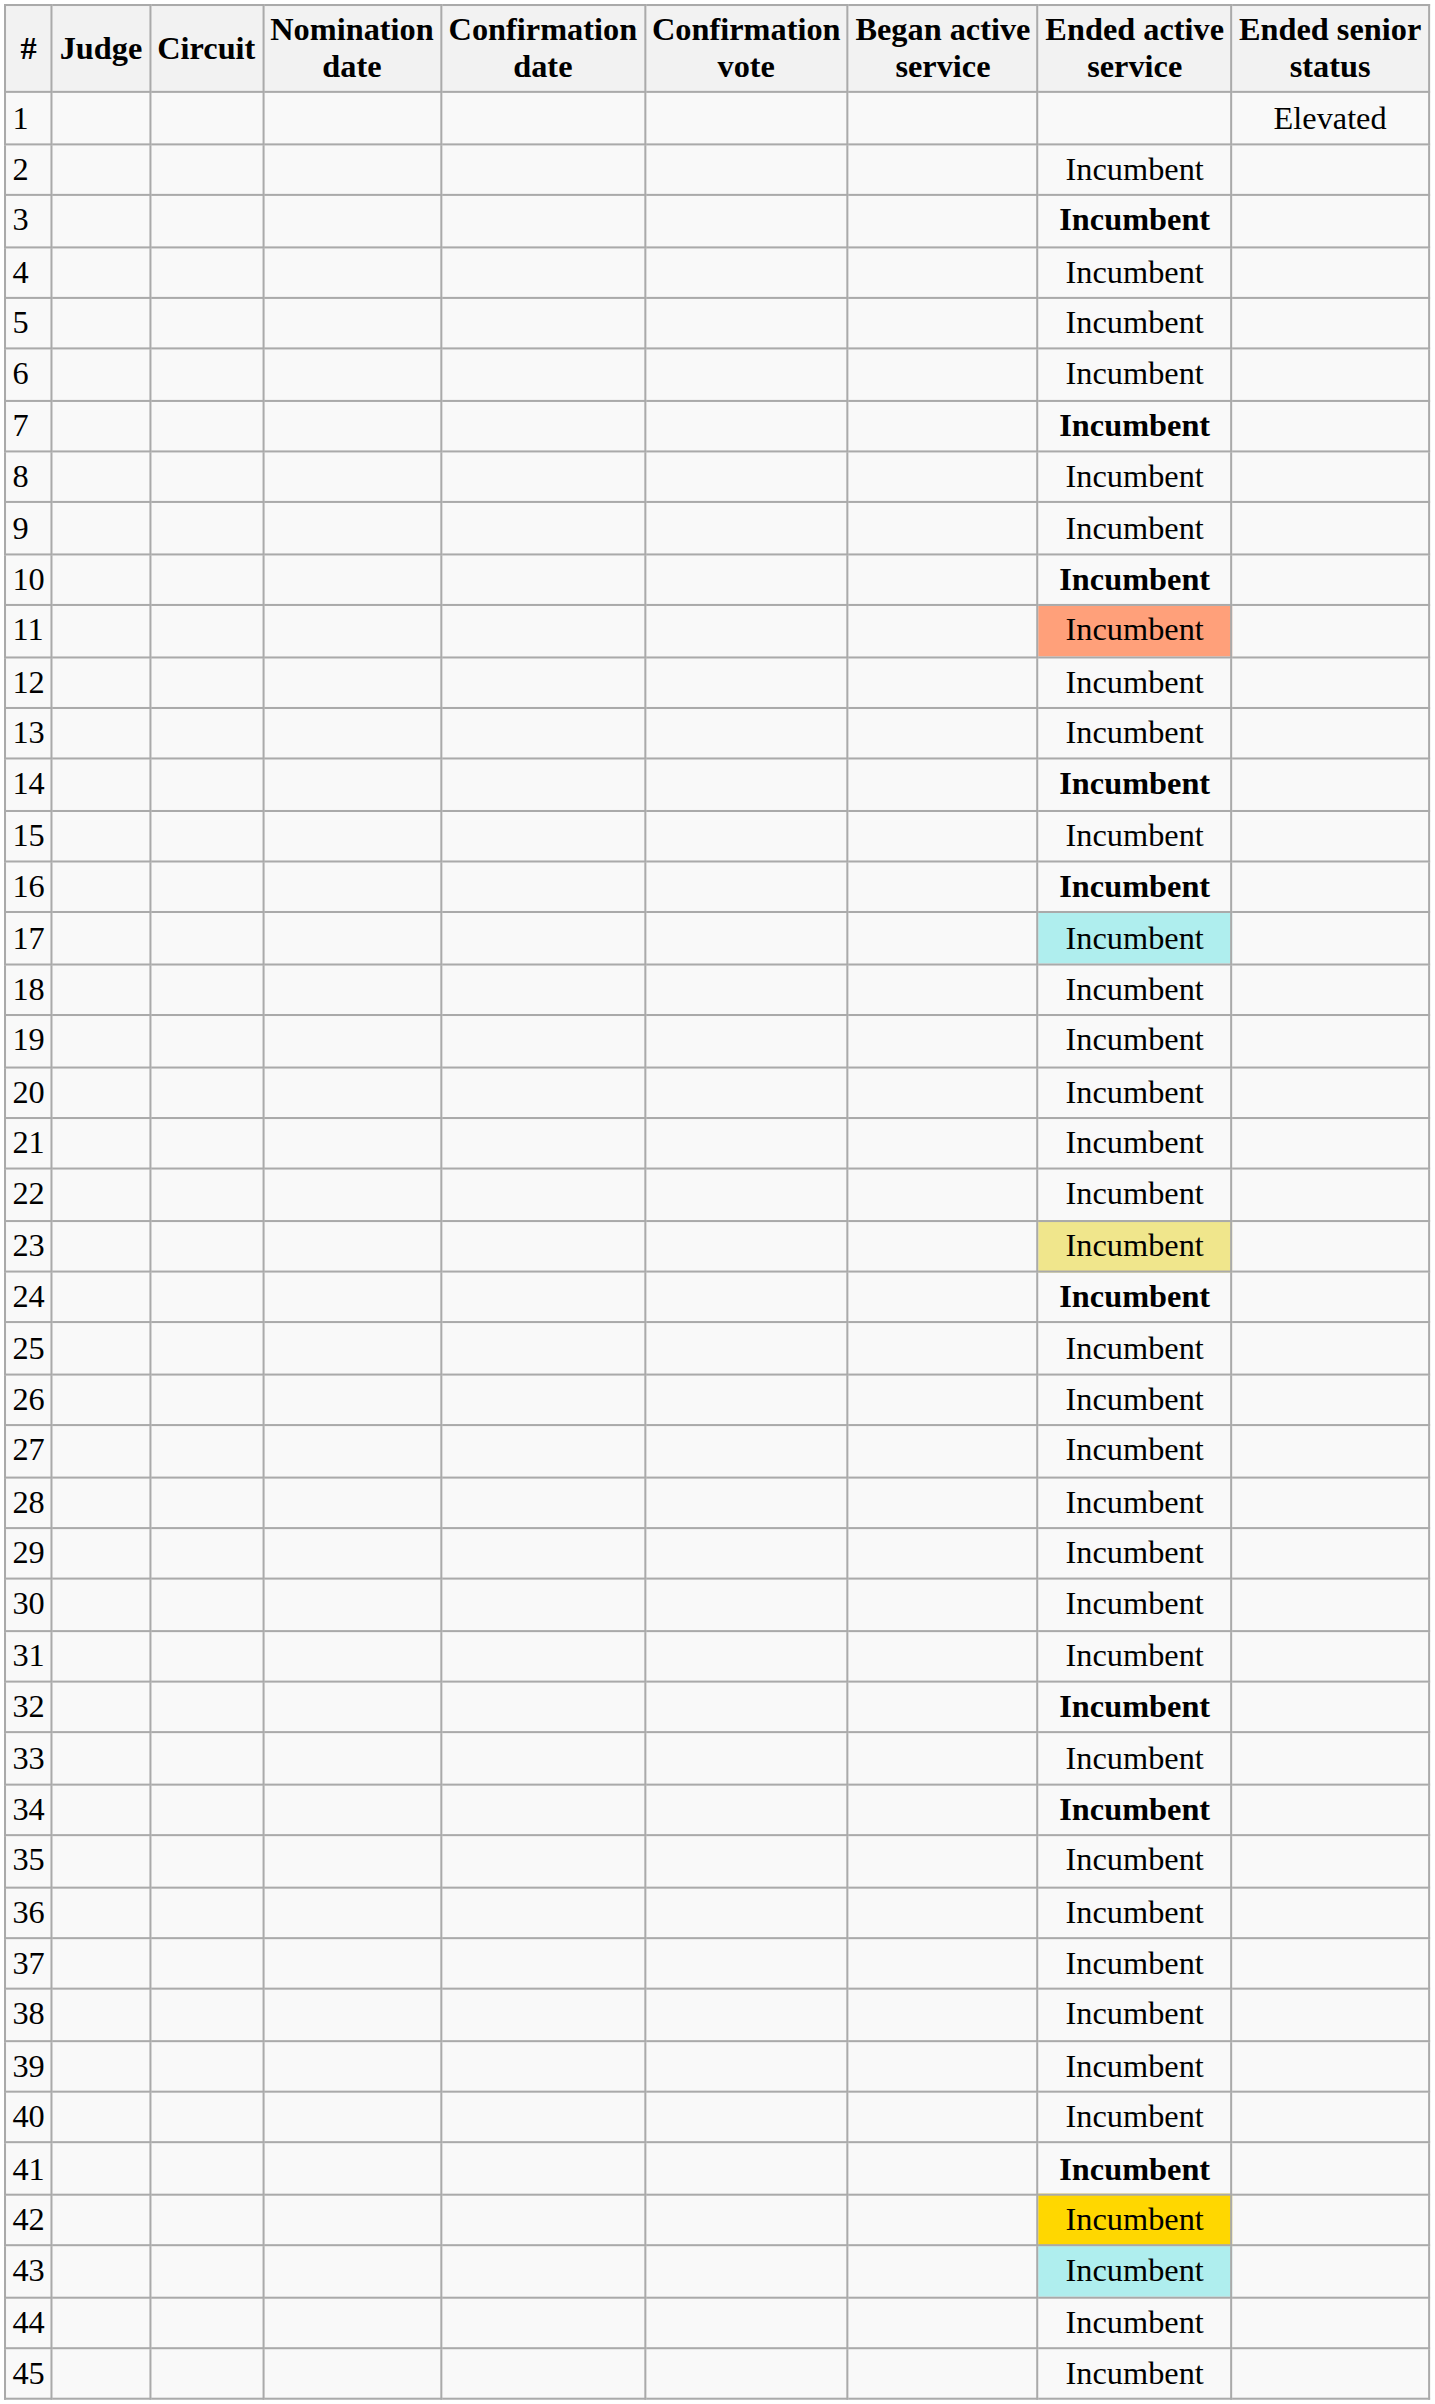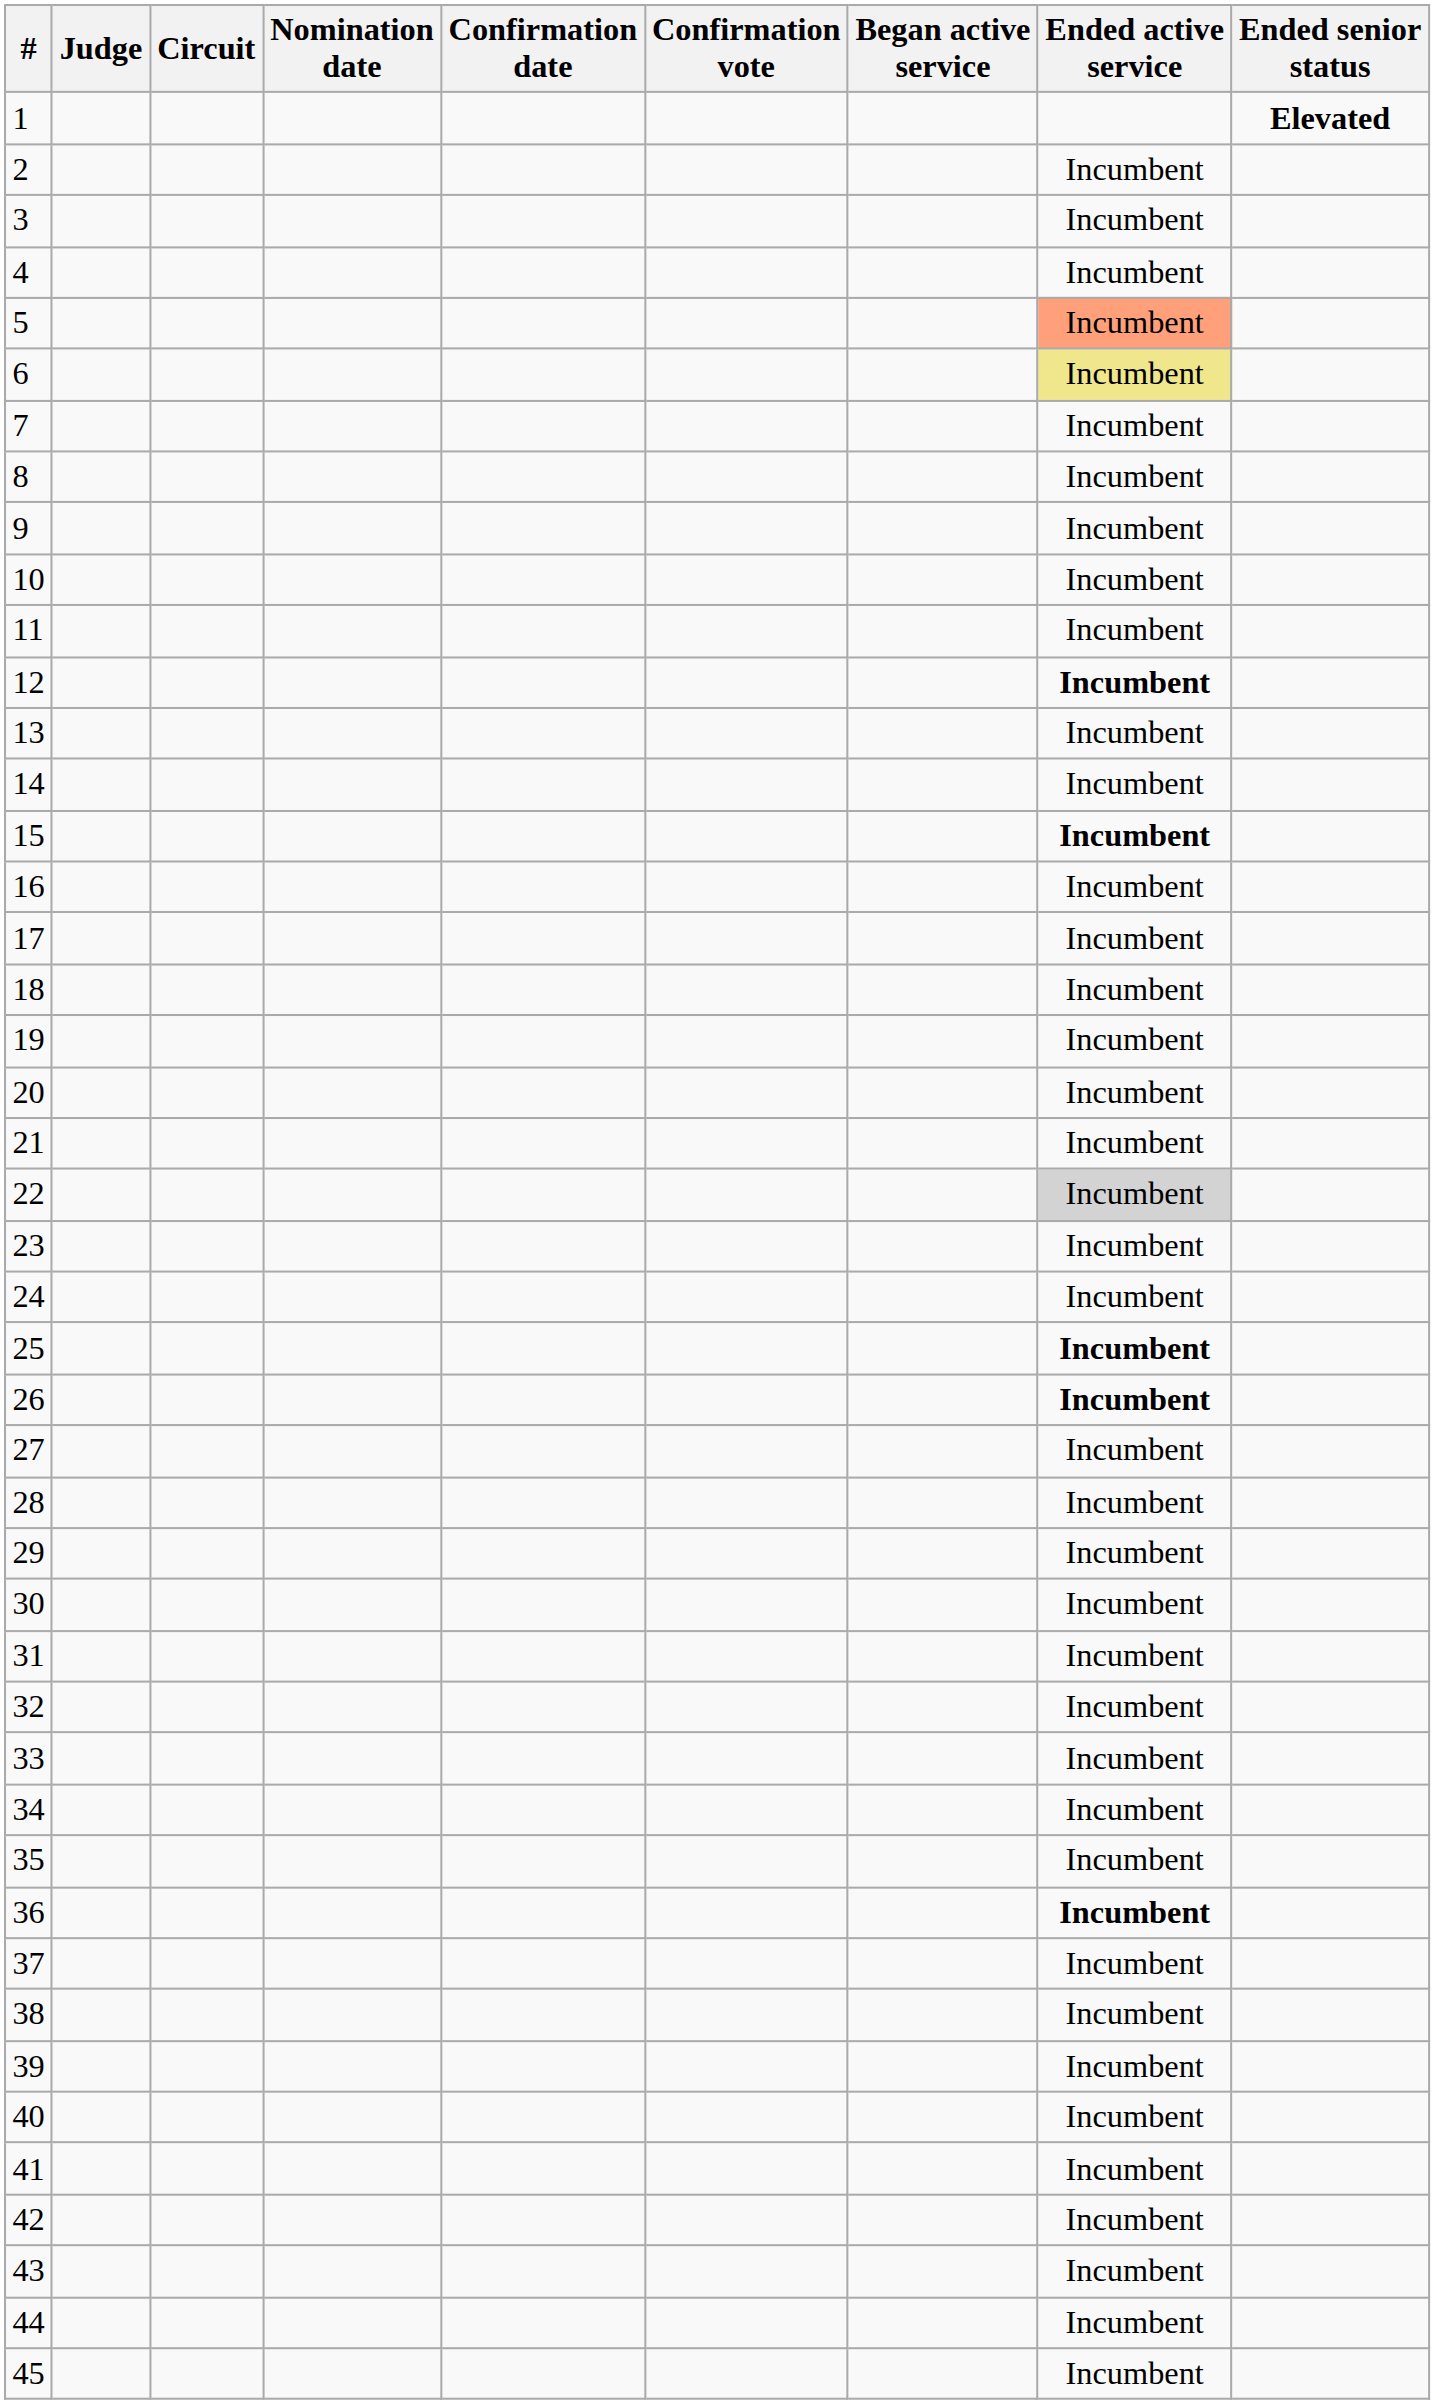 <table class="sortable wikitable">
 <tr>
 <th>#</th>
 <th>Judge</th>
 <th>Circuit</th>
 <th>Nomination<br>date</th>
 <th>Confirmation<br>date</th>
 <th>Confirmation<br>vote</th>
 <th>Began active<br>service</th>
 <th>Ended active<br>service</th>
 <th>Ended senior<br>status</th>
 </tr>
 <tr>
 <td>1</td>
 <td></td>
 <td></td>
 <td></td>
 <td></td>
 <td align=center></td>
 <td></td>
 <td></td>
-<td align=center>Elevated</td>
+<td align=center><strong>Elevated</strong></td>
 </tr>
 <tr>
 <td>2</td>
 <td></td>
 <td></td>
 <td></td>
 <td></td>
 <td align=center></td>
 <td></td>
 <td align=center>Incumbent</td>
 <td align=center></td>
 </tr>
 <tr>
 <td>3</td>
 <td></td>
 <td></td>
 <td></td>
 <td></td>
 <td align=center></td>
 <td></td>
-<td align=center><strong>Incumbent</strong></td>
+<td align=center>Incumbent</td>
 <td align=center></td>
 </tr>
 <tr>
 <td>4</td>
 <td></td>
 <td></td>
 <td></td>
 <td></td>
 <td align=center></td>
 <td></td>
 <td align=center>Incumbent</td>
 <td align=center></td>
 </tr>
 <tr>
 <td>5</td>
 <td></td>
 <td></td>
 <td></td>
 <td></td>
 <td align=center></td>
 <td></td>
-<td align=center>Incumbent</td>
+<td align=center style="background: lightsalmon;">Incumbent</td>
 <td align=center></td>
 </tr>
 <tr>
 <td>6</td>
 <td></td>
 <td></td>
 <td></td>
 <td></td>
 <td align=center></td>
 <td></td>
-<td align=center>Incumbent</td>
+<td align=center style="background: khaki;">Incumbent</td>
 <td align=center></td>
 </tr>
 <tr>
 <td>7</td>
 <td></td>
 <td></td>
 <td></td>
 <td></td>
 <td align=center></td>
 <td></td>
-<td align=center><strong>Incumbent</strong></td>
+<td align=center>Incumbent</td>
 <td align=center></td>
 </tr>
 <tr>
 <td>8</td>
 <td></td>
 <td></td>
 <td></td>
 <td></td>
 <td align=center></td>
 <td></td>
 <td align=center>Incumbent</td>
 <td align=center></td>
 </tr>
 <tr>
 <td>9</td>
 <td></td>
 <td></td>
 <td></td>
 <td></td>
 <td align=center></td>
 <td></td>
 <td align=center>Incumbent</td>
 <td align=center></td>
 </tr>
 <tr>
 <td>10</td>
 <td></td>
 <td></td>
 <td></td>
 <td></td>
 <td align=center></td>
 <td></td>
-<td align=center><strong>Incumbent</strong></td>
+<td align=center>Incumbent</td>
 <td align=center></td>
 </tr>
 <tr>
 <td>11</td>
 <td></td>
 <td></td>
 <td></td>
 <td></td>
 <td align=center></td>
 <td></td>
-<td align=center style="background: lightsalmon;">Incumbent</td>
+<td align=center>Incumbent</td>
 <td align=center></td>
 </tr>
 <tr>
 <td>12</td>
 <td></td>
 <td></td>
 <td></td>
 <td></td>
 <td align=center></td>
 <td></td>
-<td align=center>Incumbent</td>
+<td align=center><strong>Incumbent</strong></td>
 <td align=center></td>
 </tr>
 <tr>
 <td>13</td>
 <td></td>
 <td></td>
 <td></td>
 <td></td>
 <td align=center></td>
 <td></td>
 <td align=center>Incumbent</td>
 <td align=center></td>
 </tr>
 <tr>
 <td>14</td>
 <td></td>
 <td></td>
 <td></td>
 <td></td>
 <td align=center></td>
 <td></td>
-<td align=center><strong>Incumbent</strong></td>
+<td align=center>Incumbent</td>
 <td align=center></td>
 </tr>
 <tr>
 <td>15</td>
 <td></td>
 <td></td>
 <td></td>
 <td></td>
 <td align=center></td>
 <td></td>
-<td align=center>Incumbent</td>
+<td align=center><strong>Incumbent</strong></td>
 <td align=center></td>
 </tr>
 <tr>
 <td>16</td>
 <td></td>
 <td></td>
 <td></td>
 <td></td>
 <td align=center></td>
 <td></td>
-<td align=center><strong>Incumbent</strong></td>
+<td align=center>Incumbent</td>
 <td align=center></td>
 </tr>
 <tr>
 <td>17</td>
 <td></td>
 <td></td>
 <td></td>
 <td></td>
 <td align=center></td>
 <td></td>
-<td align=center style="background: paleturquoise;">Incumbent</td>
+<td align=center>Incumbent</td>
 <td align=center></td>
 </tr>
 <tr>
 <td>18</td>
 <td></td>
 <td></td>
 <td></td>
 <td></td>
 <td align=center></td>
 <td></td>
 <td align=center>Incumbent</td>
 <td align=center></td>
 </tr>
 <tr>
 <td>19</td>
 <td></td>
 <td></td>
 <td></td>
 <td></td>
 <td align=center></td>
 <td></td>
 <td align=center>Incumbent</td>
 <td align=center></td>
 </tr>
 <tr>
 <td>20</td>
 <td></td>
 <td></td>
 <td></td>
 <td></td>
 <td align=center></td>
 <td></td>
 <td align=center>Incumbent</td>
 <td align=center></td>
 </tr>
 <tr>
 <td>21</td>
 <td></td>
 <td></td>
 <td></td>
 <td></td>
 <td align=center></td>
 <td></td>
 <td align=center>Incumbent</td>
 <td align=center></td>
 </tr>
 <tr>
 <td>22</td>
 <td></td>
 <td></td>
 <td></td>
 <td></td>
 <td align=center></td>
 <td align=center></td>
-<td align=center>Incumbent</td>
+<td align=center style="background: lightgrey;">Incumbent</td>
 <td align=center></td>
 </tr>
 <tr>
 <td>23</td>
 <td></td>
 <td></td>
 <td></td>
 <td></td>
 <td align=center></td>
 <td></td>
-<td align=center style="background: khaki;">Incumbent</td>
+<td align=center>Incumbent</td>
 <td align=center></td>
 </tr>
 <tr>
 <td>24</td>
 <td></td>
 <td></td>
 <td></td>
 <td></td>
 <td align=center></td>
 <td></td>
-<td align=center><strong>Incumbent</strong></td>
+<td align=center>Incumbent</td>
 <td align=center></td>
 </tr>
 <tr>
 <td>25</td>
 <td></td>
 <td></td>
 <td></td>
 <td></td>
 <td align=center></td>
 <td></td>
-<td align=center>Incumbent</td>
+<td align=center><strong>Incumbent</strong></td>
 <td align=center></td>
 </tr>
 <tr>
 <td>26</td>
 <td></td>
 <td></td>
 <td></td>
 <td></td>
 <td align=center></td>
 <td></td>
-<td align=center>Incumbent</td>
+<td align=center><strong>Incumbent</strong></td>
 <td align=center></td>
 </tr>
 <tr>
 <td>27</td>
 <td></td>
 <td></td>
 <td></td>
 <td></td>
 <td align=center></td>
 <td></td>
 <td align=center>Incumbent</td>
 <td align=center></td>
 </tr>
 <tr>
 <td>28</td>
 <td></td>
 <td></td>
 <td></td>
 <td></td>
 <td align=center></td>
 <td></td>
 <td align=center>Incumbent</td>
 <td align=center></td>
 </tr>
 <tr>
 <td>29</td>
 <td></td>
 <td></td>
 <td></td>
 <td></td>
 <td align=center></td>
 <td></td>
 <td align=center>Incumbent</td>
 <td align=center></td>
 </tr>
 <tr>
 <td>30</td>
 <td></td>
 <td></td>
 <td></td>
 <td></td>
 <td align="center"></td>
 <td></td>
 <td align=center>Incumbent</td>
 <td align=center></td>
 </tr>
 <tr>
 <td>31</td>
 <td></td>
 <td></td>
 <td></td>
 <td></td>
 <td align="center"></td>
 <td></td>
 <td align=center>Incumbent</td>
 <td align=center></td>
 </tr>
 <tr>
 <td>32</td>
 <td></td>
 <td></td>
 <td></td>
 <td></td>
 <td align=center></td>
 <td></td>
-<td align=center><strong>Incumbent</strong></td>
+<td align=center>Incumbent</td>
 <td align=center></td>
 </tr>
 <tr>
 <td>33</td>
 <td></td>
 <td></td>
 <td></td>
 <td></td>
 <td align="center"></td>
 <td></td>
 <td align="center">Incumbent</td>
 <td align="center"></td>
 </tr>
 <tr>
 <td>34</td>
 <td></td>
 <td></td>
 <td></td>
 <td></td>
 <td align=center></td>
 <td></td>
-<td align=center><strong>Incumbent</strong></td>
+<td align=center>Incumbent</td>
 <td align=center></td>
 </tr>
 <tr>
 <td>35</td>
 <td></td>
 <td></td>
 <td></td>
 <td></td>
 <td align="center"></td>
 <td></td>
 <td align="center">Incumbent</td>
 <td align="center"></td>
 </tr>
 <tr>
 <td>36</td>
 <td></td>
 <td></td>
 <td></td>
 <td></td>
 <td align="center"></td>
 <td></td>
-<td align="center">Incumbent</td>
+<td align="center"><strong>Incumbent</strong></td>
 <td align="center"></td>
 </tr>
 <tr>
 <td>37</td>
 <td></td>
 <td></td>
 <td></td>
 <td></td>
 <td align=center></td>
 <td></td>
 <td align="center">Incumbent</td>
 <td align=center></td>
 </tr>
 <tr>
 <td>38</td>
 <td></td>
 <td></td>
 <td></td>
 <td></td>
 <td align=center></td>
 <td></td>
 <td align=center>Incumbent</td>
 <td align=center></td>
 </tr>
 <tr>
 <td>39</td>
 <td></td>
 <td></td>
 <td></td>
 <td></td>
 <td align=center></td>
 <td></td>
 <td align=center>Incumbent</td>
 <td align=center></td>
 </tr>
 <tr>
 <td>40</td>
 <td></td>
 <td></td>
 <td></td>
 <td></td>
 <td align=center></td>
 <td></td>
 <td align=center>Incumbent</td>
 <td align=center></td>
 </tr>
 <tr>
 <td>41</td>
 <td></td>
 <td></td>
 <td></td>
 <td></td>
 <td align=center></td>
 <td></td>
-<td align=center><strong>Incumbent</strong></td>
+<td align=center>Incumbent</td>
 <td align=center></td>
 </tr>
 <tr>
 <td>42</td>
 <td></td>
 <td></td>
 <td></td>
 <td></td>
 <td align=center></td>
 <td></td>
-<td align=center style="background: gold;">Incumbent</td>
+<td align=center>Incumbent</td>
 <td align=center></td>
 </tr>
 <tr>
 <td>43</td>
 <td></td>
 <td></td>
 <td></td>
 <td></td>
 <td align=center></td>
 <td></td>
-<td align=center style="background: paleturquoise;">Incumbent</td>
+<td align=center>Incumbent</td>
 <td align=center></td>
 </tr>
 <tr>
 <td>44</td>
 <td></td>
 <td></td>
 <td></td>
 <td></td>
 <td align=center></td>
 <td></td>
 <td align=center>Incumbent</td>
 <td align=center></td>
 </tr>
 <tr>
 <td>45</td>
 <td></td>
 <td></td>
 <td></td>
 <td></td>
 <td align=center></td>
 <td></td>
 <td align=center>Incumbent</td>
 <td align=center></td>
 </tr>
 </table>
